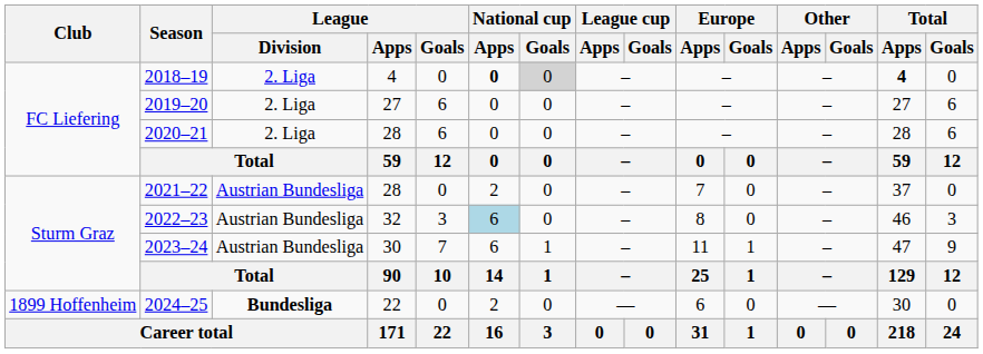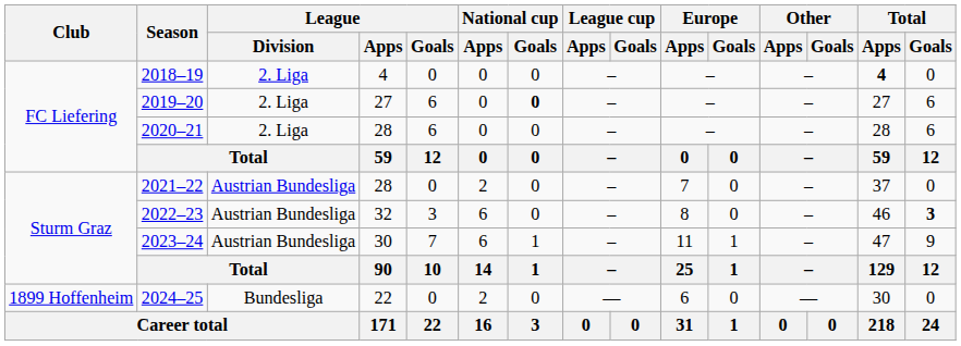 <table class="wikitable" style="text-align: center">
 <tr>
 <th rowspan="2">Club</th>
 <th rowspan="2">Season</th>
 <th colspan="3">League</th>
 <th colspan="2">National cup</th>
 <th colspan="2">League cup</th>
 <th colspan="2">Europe</th>
 <th colspan="2">Other</th>
 <th colspan="2">Total</th>
 </tr>
 <tr>
 <th>Division</th>
 <th>Apps</th>
 <th>Goals</th>
 <th>Apps</th>
 <th>Goals</th>
 <th>Apps</th>
 <th>Goals</th>
 <th>Apps</th>
 <th>Goals</th>
 <th>Apps</th>
 <th>Goals</th>
 <th>Apps</th>
 <th>Goals</th>
 </tr>
 <tr>
 <td rowspan="4"><a href='#'>FC Liefering</a></td>
 <td><a href='#'>2018–19</a></td>
 <td><a href='#'>2. Liga</a></td>
 <td>4</td>
 <td>0</td>
-<td><strong>0</strong></td>
-<td style="background: lightgrey;">0</td>
+<td>0</td>
+<td>0</td>
 <td colspan="2">–</td>
 <td colspan="2">–</td>
 <td colspan="2">–</td>
 <td><strong>4</strong></td>
 <td>0</td>
 </tr>
 <tr>
 <td><a href='#'>2019–20</a></td>
 <td>2. Liga</td>
 <td>27</td>
 <td>6</td>
 <td>0</td>
-<td>0</td>
+<td><strong>0</strong></td>
 <td colspan="2">–</td>
 <td colspan="2">–</td>
 <td colspan="2">–</td>
 <td>27</td>
 <td>6</td>
 </tr>
 <tr>
 <td><a href='#'>2020–21</a></td>
 <td>2. Liga</td>
 <td>28</td>
 <td>6</td>
 <td>0</td>
 <td>0</td>
 <td colspan="2">–</td>
 <td colspan="2">–</td>
 <td colspan="2">–</td>
 <td>28</td>
 <td>6</td>
 </tr>
 <tr>
 <th colspan="2">Total</th>
 <th>59</th>
 <th>12</th>
 <th>0</th>
 <th>0</th>
 <th colspan="2">–</th>
 <th>0</th>
 <th>0</th>
 <th colspan="2">–</th>
 <th>59</th>
 <th>12</th>
 </tr>
 <tr>
 <td rowspan="4"><a href='#'>Sturm Graz</a></td>
 <td><a href='#'>2021–22</a></td>
 <td><a href='#'>Austrian Bundesliga</a></td>
 <td>28</td>
 <td>0</td>
 <td>2</td>
 <td>0</td>
 <td colspan="2">–</td>
 <td>7</td>
 <td>0</td>
 <td colspan="2">–</td>
 <td>37</td>
 <td>0</td>
 </tr>
 <tr>
 <td><a href='#'>2022–23</a></td>
 <td>Austrian Bundesliga</td>
 <td>32</td>
 <td>3</td>
-<td style="background: lightblue;">6</td>
+<td>6</td>
 <td>0</td>
 <td colspan="2">–</td>
 <td>8</td>
 <td>0</td>
 <td colspan="2">–</td>
 <td>46</td>
-<td>3</td>
+<td><strong>3</strong></td>
 </tr>
 <tr>
 <td><a href='#'>2023–24</a></td>
 <td>Austrian Bundesliga</td>
 <td>30</td>
 <td>7</td>
 <td>6</td>
 <td>1</td>
 <td colspan="2">–</td>
 <td>11</td>
 <td>1</td>
 <td colspan="2">–</td>
 <td>47</td>
 <td>9</td>
 </tr>
 <tr>
 <th colspan="2">Total</th>
 <th>90</th>
 <th>10</th>
 <th>14</th>
 <th>1</th>
 <th colspan="2">–</th>
 <th>25</th>
 <th>1</th>
 <th colspan="2">–</th>
 <th>129</th>
 <th>12</th>
 </tr>
 <tr>
 <td><a href='#'>1899 Hoffenheim</a></td>
 <td><a href='#'>2024–25</a></td>
-<td><strong>Bundesliga</strong></td>
+<td>Bundesliga</td>
 <td>22</td>
 <td>0</td>
 <td>2</td>
 <td>0</td>
 <td colspan="2">—</td>
 <td>6</td>
 <td>0</td>
 <td colspan="2">—</td>
 <td>30</td>
 <td>0</td>
 </tr>
 <tr>
 <th colspan="3">Career total</th>
 <th>171</th>
 <th>22</th>
 <th>16</th>
 <th>3</th>
 <th>0</th>
 <th>0</th>
 <th>31</th>
 <th>1</th>
 <th>0</th>
 <th>0</th>
 <th>218</th>
 <th>24</th>
 </tr>
 </table>
